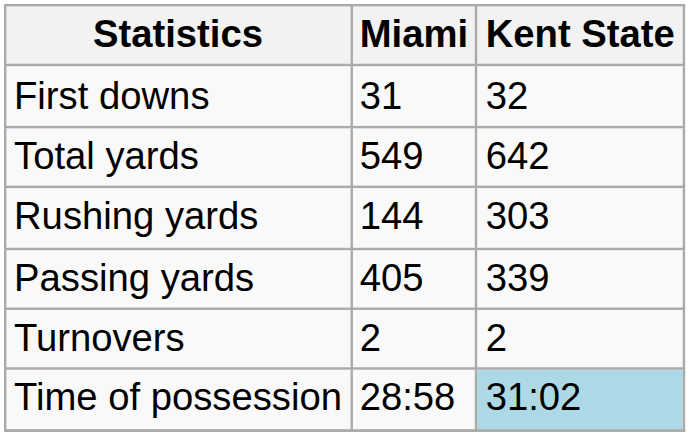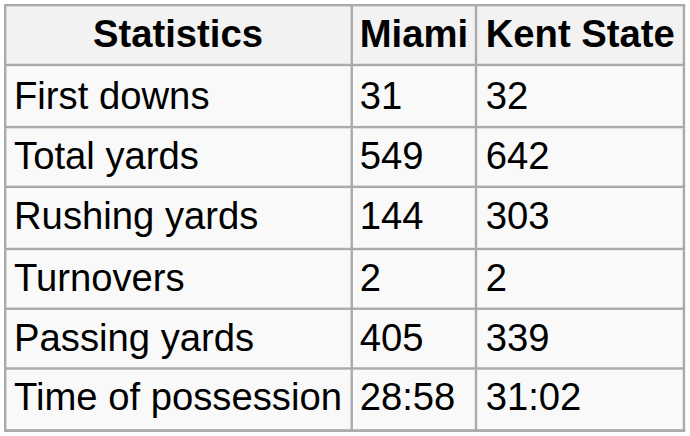 <table class="wikitable">
 <tr>
 <th>Statistics</th>
 <th>Miami</th>
 <th>Kent State</th>
 </tr>
 <tr>
 <td>First downs</td>
 <td>31</td>
 <td>32</td>
 </tr>
 <tr>
 <td>Total yards</td>
 <td>549</td>
 <td>642</td>
 </tr>
 <tr>
 <td>Rushing yards</td>
 <td>144</td>
 <td>303</td>
 </tr>
 <tr>
+<td>Turnovers</td>
+<td>2</td>
+<td>2</td>
+</tr>
+<tr>
 <td>Passing yards</td>
 <td>405</td>
 <td>339</td>
 </tr>
 <tr>
-<td>Turnovers</td>
-<td>2</td>
-<td>2</td>
-</tr>
-<tr>
 <td>Time of possession</td>
 <td>28:58</td>
-<td style="background: lightblue;">31:02</td>
+<td>31:02</td>
 </tr>
 <tr>
 </tr>
 </table>
